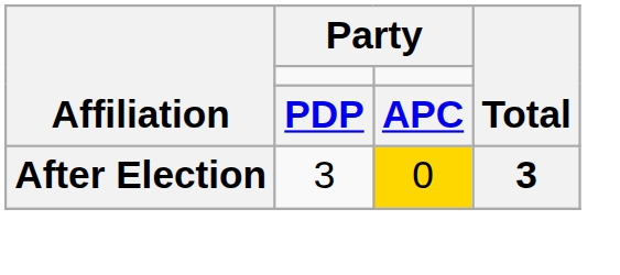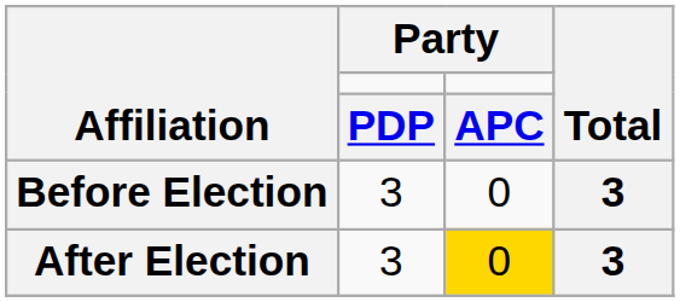 <table class=wikitable style="text-align:center">
 <tr style="vertical-align:bottom;">
 <th rowspan=3>Affiliation</th>
 <th colspan=2>Party</th>
 <th rowspan=3>Total</th>
 </tr>
 <tr>
 <td style="background-color:"></td>
 <td style="background-color:"></td>
 </tr>
 <tr>
 <th><a href='#'>PDP</a></th>
 <th><a href='#'>APC</a></th>
 </tr>
 <tr>
+<th>Before Election</th>
+<td>3</td>
+<td>0</td>
+<th>3</th>
+</tr>
+<tr>
 <th>After Election</th>
 <td>3</td>
 <td style="background: gold;">0</td>
 <th>3</th>
 </tr>
 <tr>
 </tr>
 </table>
